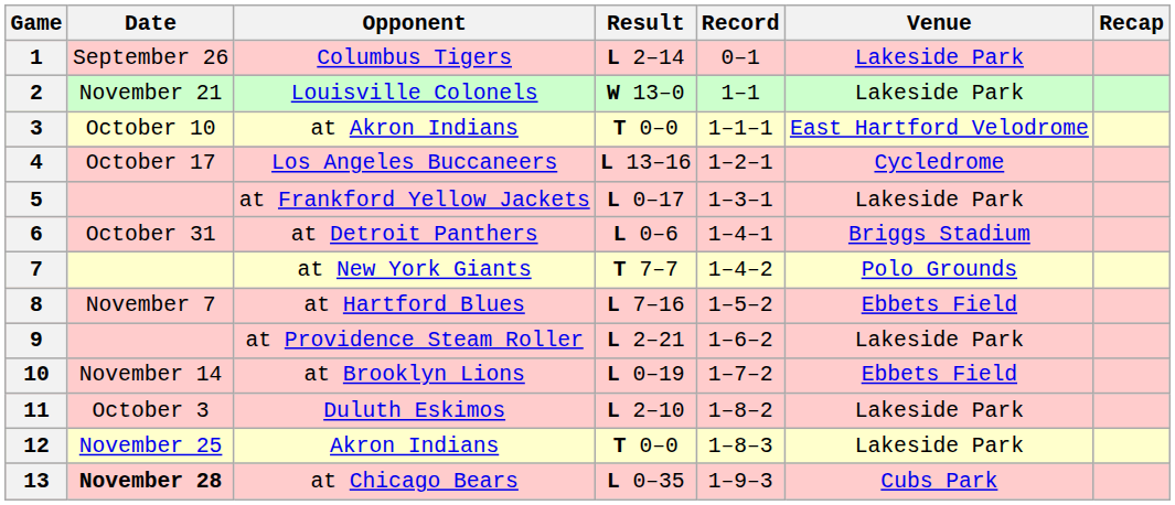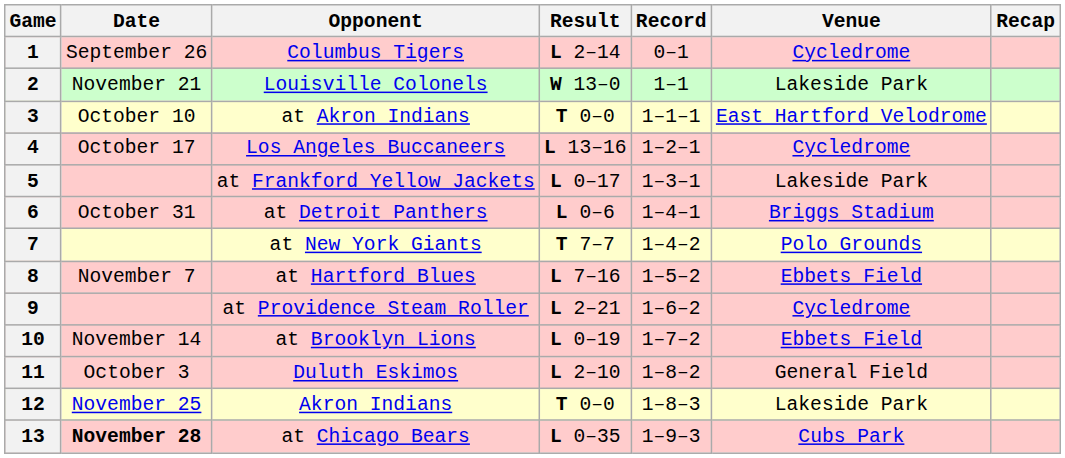 <table class="wikitable" style="text-align:center">
 <tr>
 <th>Game</th>
 <th>Date</th>
 <th>Opponent</th>
 <th>Result</th>
 <th>Record</th>
 <th>Venue</th>
 <th>Recap</th>
 </tr>
 <tr style="background:#fcc">
 <th>1</th>
 <td>September 26</td>
 <td><a href='#'>Columbus Tigers</a></td>
 <td><strong>L</strong> 2–14</td>
 <td>0–1</td>
-<td><a href='#'>Lakeside Park</a></td>
+<td><a href='#'>Cycledrome</a></td>
 <td></td>
 </tr>
 <tr style="background:#cfc">
 <th>2</th>
 <td>November 21</td>
 <td><a href='#'>Louisville Colonels</a></td>
 <td><strong>W</strong> 13–0</td>
 <td>1–1</td>
 <td>Lakeside Park</td>
 <td></td>
 </tr>
 <tr style="background:#ffc">
 <th>3</th>
 <td>October 10</td>
 <td>at <a href='#'>Akron Indians</a></td>
 <td><strong>T</strong> 0–0</td>
 <td>1–1–1</td>
 <td><a href='#'>East Hartford Velodrome</a></td>
 <td></td>
 </tr>
 <tr style="background:#fcc">
 <th>4</th>
 <td>October 17</td>
 <td><a href='#'>Los Angeles Buccaneers</a></td>
 <td><strong>L</strong> 13–16</td>
 <td>1–2–1</td>
 <td><a href='#'>Cycledrome</a></td>
 <td></td>
 </tr>
 <tr style="background:#fcc">
 <th>5</th>
 <td></td>
 <td>at <a href='#'>Frankford Yellow Jackets</a></td>
 <td><strong>L</strong> 0–17</td>
 <td>1–3–1</td>
 <td>Lakeside Park</td>
 <td></td>
 </tr>
 <tr style="background:#fcc">
 <th>6</th>
 <td>October 31</td>
 <td>at <a href='#'>Detroit Panthers</a></td>
 <td><strong>L</strong> 0–6</td>
 <td>1–4–1</td>
 <td><a href='#'>Briggs Stadium</a></td>
 <td></td>
 </tr>
 <tr style="background:#ffc">
 <th>7</th>
 <td></td>
 <td>at <a href='#'>New York Giants</a></td>
 <td><strong>T</strong> 7–7</td>
 <td>1–4–2</td>
 <td><a href='#'>Polo Grounds</a></td>
 <td></td>
 </tr>
 <tr style="background:#fcc">
 <th>8</th>
 <td>November 7</td>
 <td>at <a href='#'>Hartford Blues</a></td>
 <td><strong>L</strong> 7–16</td>
 <td>1–5–2</td>
 <td><a href='#'>Ebbets Field</a></td>
 <td></td>
 </tr>
 <tr style="background:#fcc">
 <th>9</th>
 <td></td>
 <td>at <a href='#'>Providence Steam Roller</a></td>
 <td><strong>L</strong> 2–21</td>
 <td>1–6–2</td>
-<td>Lakeside Park</td>
+<td><a href='#'>Cycledrome</a></td>
 <td></td>
 </tr>
 <tr style="background:#fcc">
 <th>10</th>
 <td>November 14</td>
 <td>at <a href='#'>Brooklyn Lions</a></td>
 <td><strong>L</strong> 0–19</td>
 <td>1–7–2</td>
 <td><a href='#'>Ebbets Field</a></td>
 <td></td>
 </tr>
 <tr style="background:#fcc">
 <th>11</th>
 <td>October 3</td>
 <td><a href='#'>Duluth Eskimos</a></td>
 <td><strong>L</strong> 2–10</td>
 <td>1–8–2</td>
-<td>Lakeside Park</td>
+<td>General Field</td>
 <td></td>
 </tr>
 <tr style="background:#ffc">
 <th>12</th>
 <td><a href='#'>November 25</a></td>
 <td><a href='#'>Akron Indians</a></td>
 <td><strong>T</strong> 0–0</td>
 <td>1–8–3</td>
 <td>Lakeside Park</td>
 <td></td>
 </tr>
 <tr style="background:#fcc">
 <th>13</th>
 <td><strong>November 28</strong></td>
 <td>at <a href='#'>Chicago Bears</a></td>
 <td><strong>L</strong> 0–35</td>
 <td>1–9–3</td>
 <td><a href='#'>Cubs Park</a></td>
 <td></td>
 </tr>
 </table>
